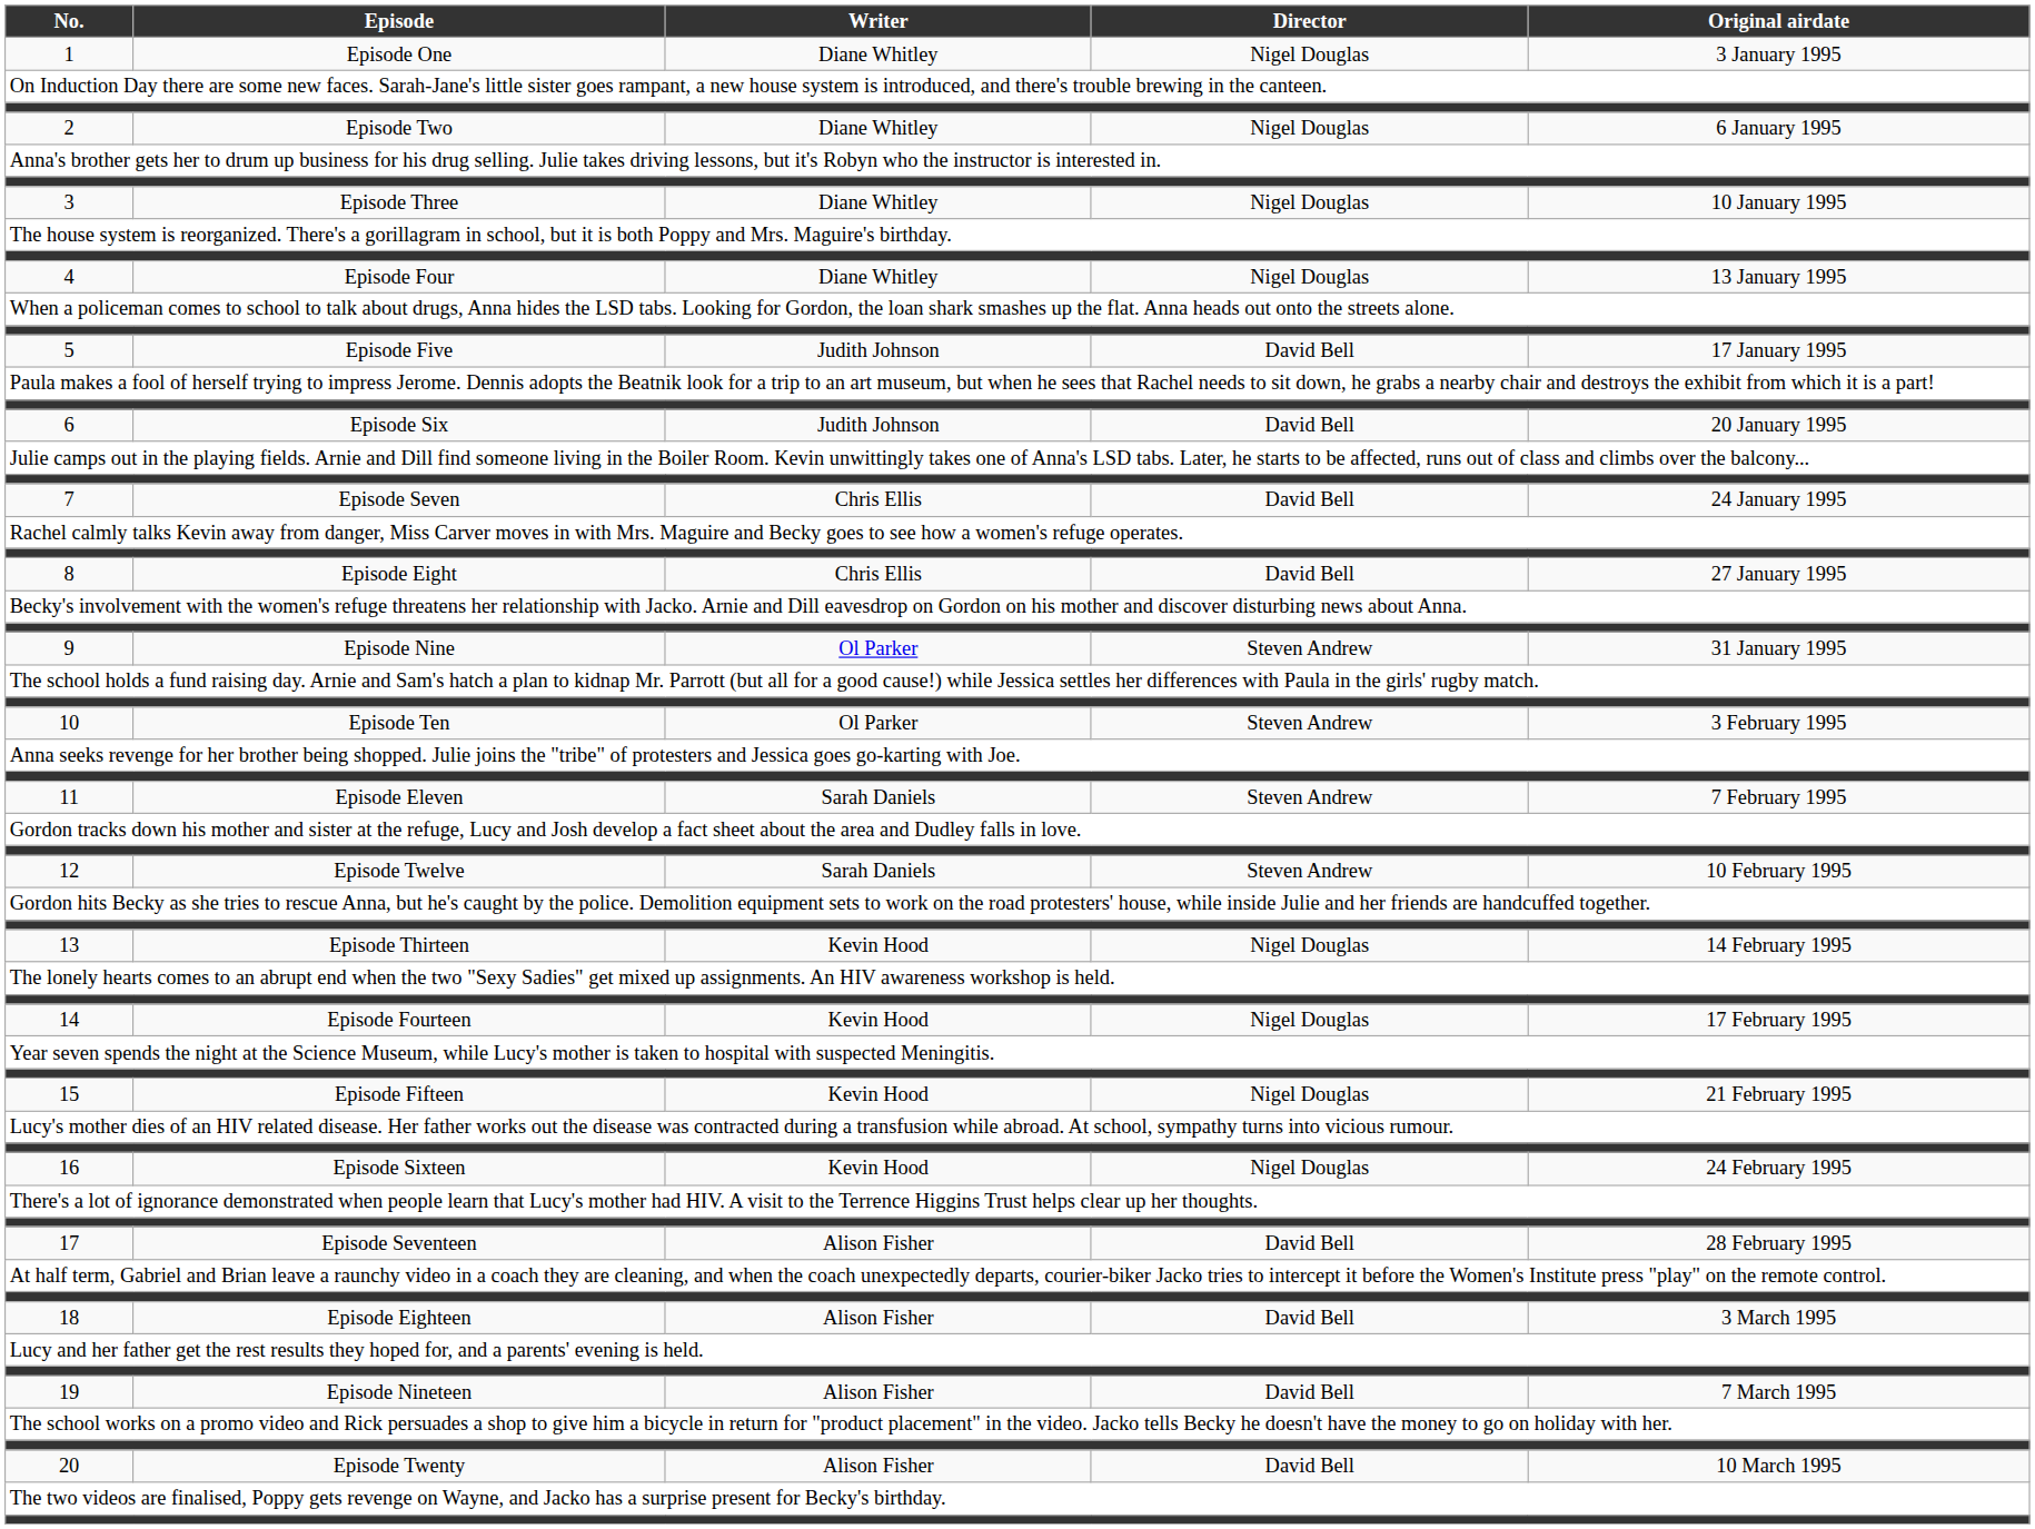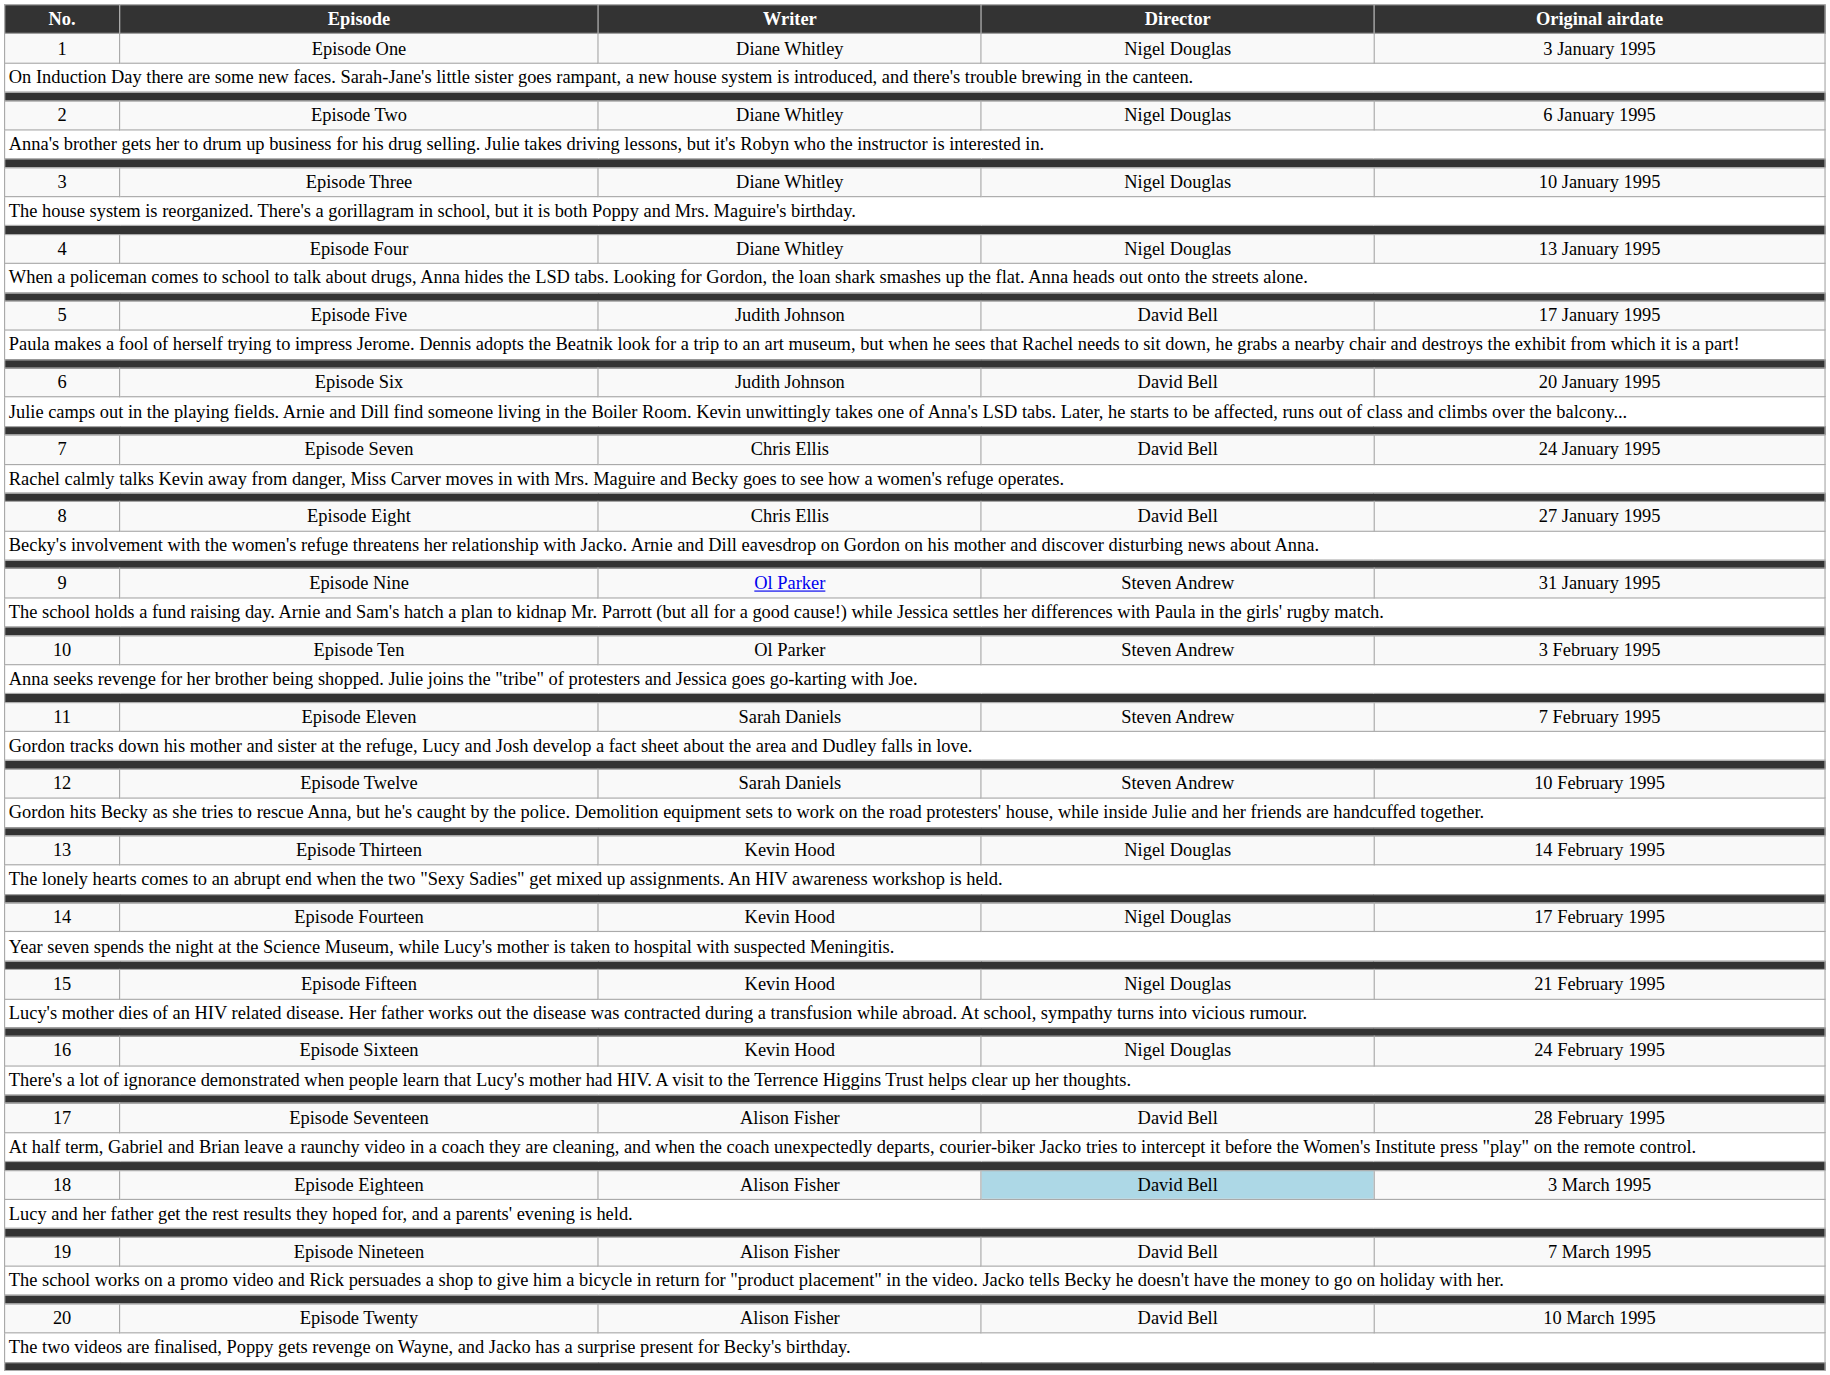 <table class="wikitable" style="width:100%;">
 <tr>
 <th style="background-color: #333333; color:white">No.</th>
 <th style="background: #333333; color:white">Episode</th>
 <th style="background: #333333; color:white">Writer</th>
 <th style="background: #333333; color:white">Director</th>
 <th style="background: #333333; color:white">Original airdate</th>
 </tr>
 <tr>
 <td align="center">1</td>
 <td align="center">Episode One</td>
 <td align="center">Diane Whitley</td>
 <td align="center">Nigel Douglas</td>
 <td align="center">3 January 1995</td>
 </tr>
 <tr>
 <td style="background:white" colspan="5">On Induction Day there are some new faces. Sarah-Jane's little sister goes rampant, a new house system is introduced, and there's trouble brewing in the canteen.</td>
 </tr>
 <tr style="background:#333333; height:2px">
 <td colspan="5"></td>
 </tr>
 <tr>
 <td align="center">2</td>
 <td align="center">Episode Two</td>
 <td align="center">Diane Whitley</td>
 <td align="center">Nigel Douglas</td>
 <td align="center">6 January 1995</td>
 </tr>
 <tr>
 <td style="background:white" colspan="5">Anna's brother gets her to drum up business for his drug selling. Julie takes driving lessons, but it's Robyn who the instructor is interested in.</td>
 </tr>
 <tr style="background:#333333; height:2px">
 <td colspan="5"></td>
 </tr>
 <tr>
 <td align="center">3</td>
 <td align="center">Episode Three</td>
 <td align="center">Diane Whitley</td>
 <td align="center">Nigel Douglas</td>
 <td align="center">10 January 1995</td>
 </tr>
 <tr>
 <td style="background:white" colspan="5">The house system is reorganized. There's a gorillagram in school, but it is both Poppy and Mrs. Maguire's birthday.</td>
 </tr>
 <tr style="background:#333333; height:2px">
 <td colspan="5"></td>
 </tr>
 <tr>
 <td align="center">4</td>
 <td align="center">Episode Four</td>
 <td align="center">Diane Whitley</td>
 <td align="center">Nigel Douglas</td>
 <td align="center">13 January 1995</td>
 </tr>
 <tr>
 <td style="background:white" colspan="5">When a policeman comes to school to talk about drugs, Anna hides the LSD tabs. Looking for Gordon, the loan shark smashes up the flat. Anna heads out onto the streets alone.</td>
 </tr>
 <tr style="background:#333333; height:2px">
 <td colspan="5"></td>
 </tr>
 <tr>
 <td align="center">5</td>
 <td align="center">Episode Five</td>
 <td align="center">Judith Johnson</td>
 <td align="center">David Bell</td>
 <td align="center">17 January 1995</td>
 </tr>
 <tr>
 <td style="background:white" colspan="5">Paula makes a fool of herself trying to impress Jerome. Dennis adopts the Beatnik look for a trip to an art museum, but when he sees that Rachel needs to sit down, he grabs a nearby chair and destroys the exhibit from which it is a part!</td>
 </tr>
 <tr style="background:#333333; height:2px">
 <td colspan="5"></td>
 </tr>
 <tr>
 <td align="center">6</td>
 <td align="center">Episode Six</td>
 <td align="center">Judith Johnson</td>
 <td align="center">David Bell</td>
 <td align="center">20 January 1995</td>
 </tr>
 <tr>
 <td style="background:white" colspan="5">Julie camps out in the playing fields. Arnie and Dill find someone living in the Boiler Room. Kevin unwittingly takes one of Anna's LSD tabs. Later, he starts to be affected, runs out of class and climbs over the balcony...</td>
 </tr>
 <tr style="background:#333333; height:2px">
 <td colspan="5"></td>
 </tr>
 <tr>
 <td align="center">7</td>
 <td align="center">Episode Seven</td>
 <td align="center">Chris Ellis</td>
 <td align="center">David Bell</td>
 <td align="center">24 January 1995</td>
 </tr>
 <tr>
 <td style="background:white" colspan="5">Rachel calmly talks Kevin away from danger, Miss Carver moves in with Mrs. Maguire and Becky goes to see how a women's refuge operates.</td>
 </tr>
 <tr style="background:#333333; height:2px">
 <td colspan="5"></td>
 </tr>
 <tr>
 <td align="center">8</td>
 <td align="center">Episode Eight</td>
 <td align="center">Chris Ellis</td>
 <td align="center">David Bell</td>
 <td align="center">27 January 1995</td>
 </tr>
 <tr>
 <td style="background:white" colspan="5">Becky's involvement with the women's refuge threatens her relationship with Jacko. Arnie and Dill eavesdrop on Gordon on his mother and discover disturbing news about Anna.</td>
 </tr>
 <tr style="background:#333333; height:2px">
 <td colspan="5"></td>
 </tr>
 <tr>
 <td align="center">9</td>
 <td align="center">Episode Nine</td>
 <td align="center"><a href='#'>Ol Parker</a></td>
 <td align="center">Steven Andrew</td>
 <td align="center">31 January 1995</td>
 </tr>
 <tr>
 <td style="background:white" colspan="5">The school holds a fund raising day. Arnie and Sam's hatch a plan to kidnap Mr. Parrott (but all for a good cause!) while Jessica settles her differences with Paula in the girls' rugby match.</td>
 </tr>
 <tr style="background:#333333; height:2px">
 <td colspan="5"></td>
 </tr>
 <tr>
 <td align="center">10</td>
 <td align="center">Episode Ten</td>
 <td align="center">Ol Parker</td>
 <td align="center">Steven Andrew</td>
 <td align="center">3 February 1995</td>
 </tr>
 <tr>
 <td style="background:white" colspan="5">Anna seeks revenge for her brother being shopped. Julie joins the "tribe" of protesters and Jessica goes go-karting with Joe.</td>
 </tr>
 <tr style="background:#333333; height:2px">
 <td colspan="5"></td>
 </tr>
 <tr>
 <td align="center">11</td>
 <td align="center">Episode Eleven</td>
 <td align="center">Sarah Daniels</td>
 <td align="center">Steven Andrew</td>
 <td align="center">7 February 1995</td>
 </tr>
 <tr>
 <td style="background:white" colspan="5">Gordon tracks down his mother and sister at the refuge, Lucy and Josh develop a fact sheet about the area and Dudley falls in love.</td>
 </tr>
 <tr style="background:#333333; height:2px">
 <td colspan="5"></td>
 </tr>
 <tr>
 <td align="center">12</td>
 <td align="center">Episode Twelve</td>
 <td align="center">Sarah Daniels</td>
 <td align="center">Steven Andrew</td>
 <td align="center">10 February 1995</td>
 </tr>
 <tr>
 <td style="background:white" colspan="5">Gordon hits Becky as she tries to rescue Anna, but he's caught by the police. Demolition equipment sets to work on the road protesters' house, while inside Julie and her friends are handcuffed together.</td>
 </tr>
 <tr style="background:#333333; height:2px">
 <td colspan="5"></td>
 </tr>
 <tr>
 <td align="center">13</td>
 <td align="center">Episode Thirteen</td>
 <td align="center">Kevin Hood</td>
 <td align="center">Nigel Douglas</td>
 <td align="center">14 February 1995</td>
 </tr>
 <tr>
 <td style="background:white" colspan="5">The lonely hearts comes to an abrupt end when the two "Sexy Sadies" get mixed up assignments. An HIV awareness workshop is held.</td>
 </tr>
 <tr style="background:#333333; height:2px">
 <td colspan="5"></td>
 </tr>
 <tr>
 <td align="center">14</td>
 <td align="center">Episode Fourteen</td>
 <td align="center">Kevin Hood</td>
 <td align="center">Nigel Douglas</td>
 <td align="center">17 February 1995</td>
 </tr>
 <tr>
 <td style="background:white" colspan="5">Year seven spends the night at the Science Museum, while Lucy's mother is taken to hospital with suspected Meningitis.</td>
 </tr>
 <tr style="background:#333333; height:2px">
 <td colspan="5"></td>
 </tr>
 <tr>
 <td align="center">15</td>
 <td align="center">Episode Fifteen</td>
 <td align="center">Kevin Hood</td>
 <td align="center">Nigel Douglas</td>
 <td align="center">21 February 1995</td>
 </tr>
 <tr>
 <td style="background:white" colspan="5">Lucy's mother dies of an HIV related disease. Her father works out the disease was contracted during a transfusion while abroad. At school, sympathy turns into vicious rumour.</td>
 </tr>
 <tr style="background:#333333; height:2px">
 <td colspan="5"></td>
 </tr>
 <tr>
 <td align="center">16</td>
 <td align="center">Episode Sixteen</td>
 <td align="center">Kevin Hood</td>
 <td align="center">Nigel Douglas</td>
 <td align="center">24 February 1995</td>
 </tr>
 <tr>
 <td style="background:white" colspan="5">There's a lot of ignorance demonstrated when people learn that Lucy's mother had HIV. A visit to the Terrence Higgins Trust helps clear up her thoughts.</td>
 </tr>
 <tr style="background:#333333; height:2px">
 <td colspan="5"></td>
 </tr>
 <tr>
 <td align="center">17</td>
 <td align="center">Episode Seventeen</td>
 <td align="center">Alison Fisher</td>
 <td align="center">David Bell</td>
 <td align="center">28 February 1995</td>
 </tr>
 <tr>
 <td style="background:white" colspan="5">At half term, Gabriel and Brian leave a raunchy video in a coach they are cleaning, and when the coach unexpectedly departs, courier-biker Jacko tries to intercept it before the Women's Institute press "play" on the remote control.</td>
 </tr>
 <tr style="background:#333333; height:2px">
 <td colspan="5"></td>
 </tr>
 <tr>
 <td align="center">18</td>
 <td align="center">Episode Eighteen</td>
 <td align="center">Alison Fisher</td>
-<td align="center">David Bell</td>
+<td align="center" style="background: lightblue;">David Bell</td>
 <td align="center">3 March 1995</td>
 </tr>
 <tr>
 <td style="background:white" colspan="5">Lucy and her father get the rest results they hoped for, and a parents' evening is held.</td>
 </tr>
 <tr style="background:#333333; height:2px">
 <td colspan="5"></td>
 </tr>
 <tr>
 <td align="center">19</td>
 <td align="center">Episode Nineteen</td>
 <td align="center">Alison Fisher</td>
 <td align="center">David Bell</td>
 <td align="center">7 March 1995</td>
 </tr>
 <tr>
 <td style="background:white" colspan="5">The school works on a promo video and Rick persuades a shop to give him a bicycle in return for "product placement" in the video. Jacko tells Becky he doesn't have the money to go on holiday with her.</td>
 </tr>
 <tr style="background:#333333; height:2px">
 <td colspan="5"></td>
 </tr>
 <tr>
 <td align="center">20</td>
 <td align="center">Episode Twenty</td>
 <td align="center">Alison Fisher</td>
 <td align="center">David Bell</td>
 <td align="center">10 March 1995</td>
 </tr>
 <tr>
 <td style="background:white" colspan="5">The two videos are finalised, Poppy gets revenge on Wayne, and Jacko has a surprise present for Becky's birthday.</td>
 </tr>
 <tr style="background:#333333; height:2px">
 <td colspan="5"></td>
 </tr>
 <tr>
 </tr>
 </table>
